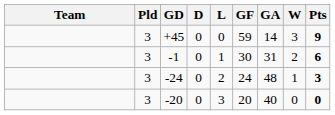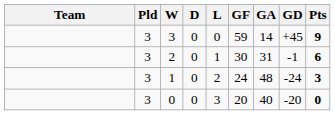 <table class="wikitable" style="text-align:center;">
 <tr>
 <th width=150>Team</th>
 <th width=20>Pld</th>
-<th width=20>GD</th>
+<th width=20>W</th>
 <th width=20>D</th>
 <th width=20>L</th>
 <th width=20>GF</th>
 <th width=20>GA</th>
-<th width=20>W</th>
+<th width=20>GD</th>
 <th width=20>Pts</th>
 </tr>
 <tr>
 <td align="left"></td>
 <td>3</td>
-<td>+45</td>
+<td>3</td>
 <td>0</td>
 <td>0</td>
 <td>59</td>
 <td>14</td>
-<td>3</td>
+<td>+45</td>
 <td><strong>9</strong></td>
 </tr>
 <tr>
 <td align="left"></td>
 <td>3</td>
-<td>-1</td>
+<td>2</td>
 <td>0</td>
 <td>1</td>
 <td>30</td>
 <td>31</td>
-<td>2</td>
+<td>-1</td>
 <td><strong>6</strong></td>
 </tr>
 <tr>
 <td align="left"></td>
 <td>3</td>
-<td>-24</td>
+<td>1</td>
 <td>0</td>
 <td>2</td>
 <td>24</td>
 <td>48</td>
-<td>1</td>
+<td>-24</td>
 <td><strong>3</strong></td>
 </tr>
 <tr>
 <td align="left"></td>
 <td>3</td>
-<td>-20</td>
+<td>0</td>
 <td>0</td>
 <td>3</td>
 <td>20</td>
 <td>40</td>
-<td>0</td>
+<td>-20</td>
 <td><strong>0</strong></td>
 </tr>
 </table>
